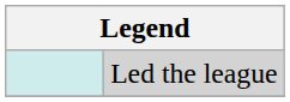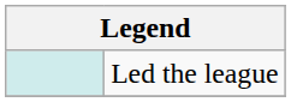 <table class="wikitable">
 <tr>
 <th colspan="3">Legend</th>
 </tr>
 <tr>
 <td style="background:#cfecec; width:3em;"></td>
-<td style="background: lightgrey;">Led the league</td>
+<td>Led the league</td>
 </tr>
 <tr>
 </tr>
 </table>
